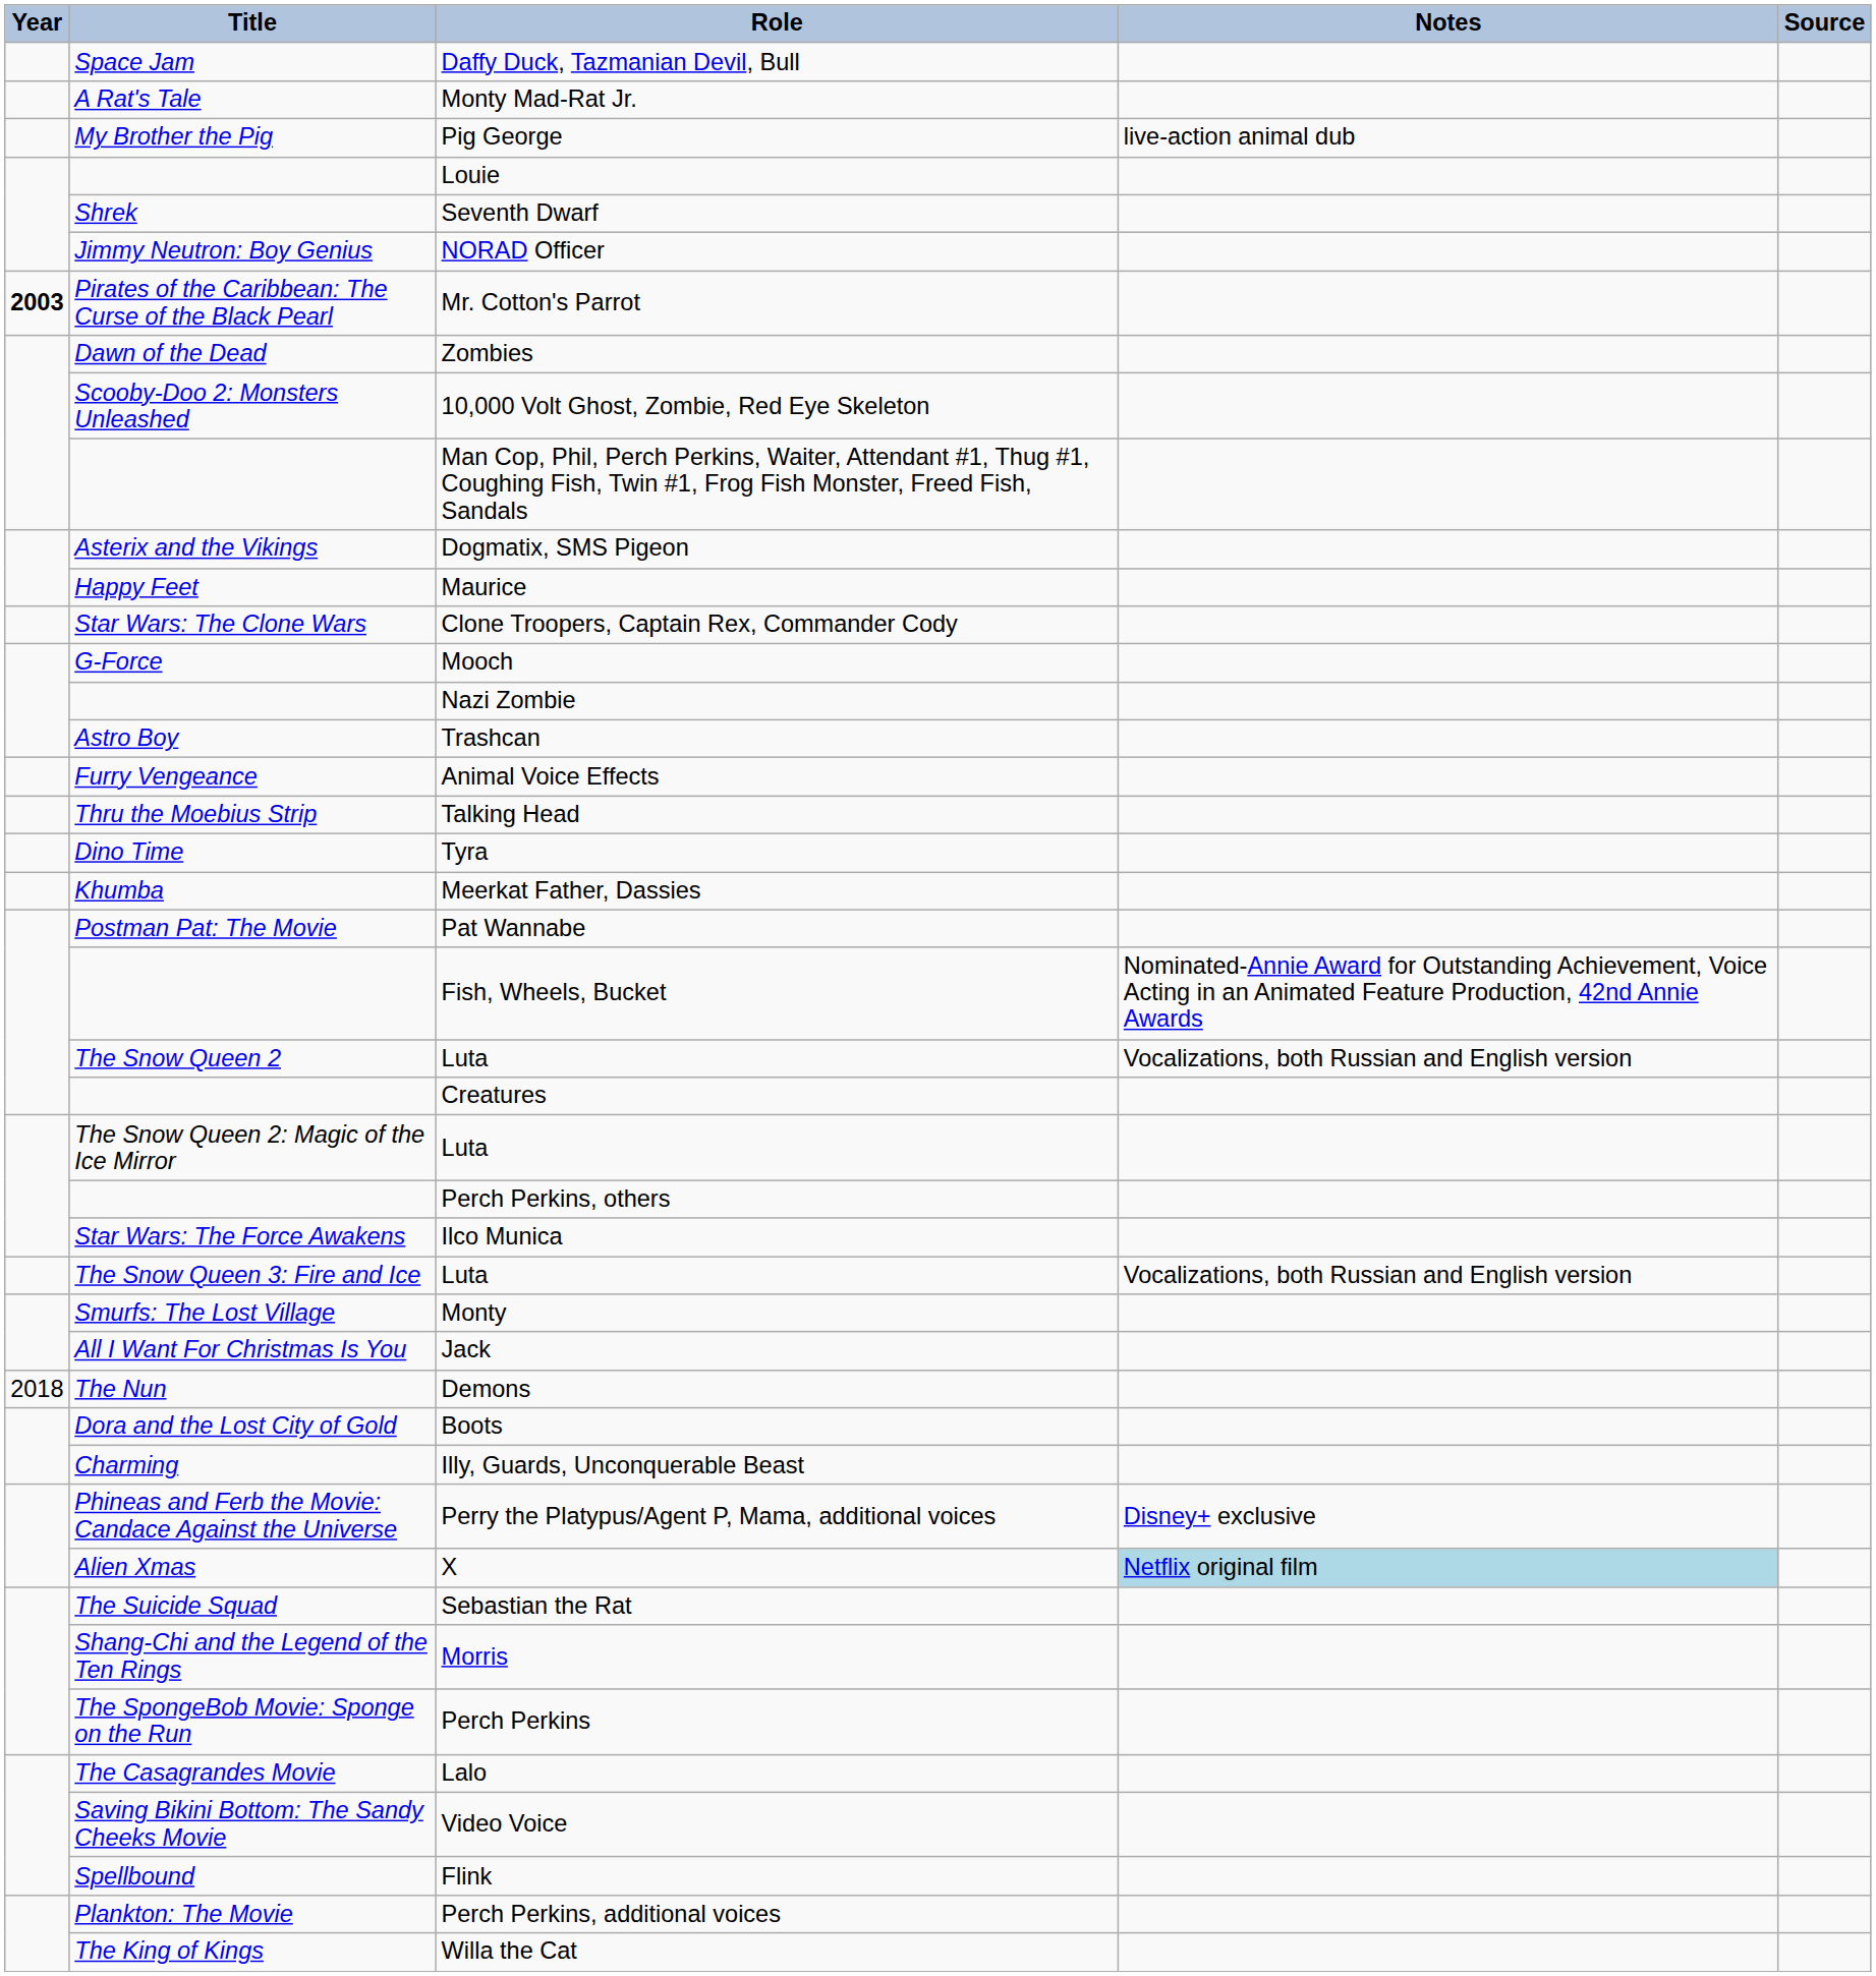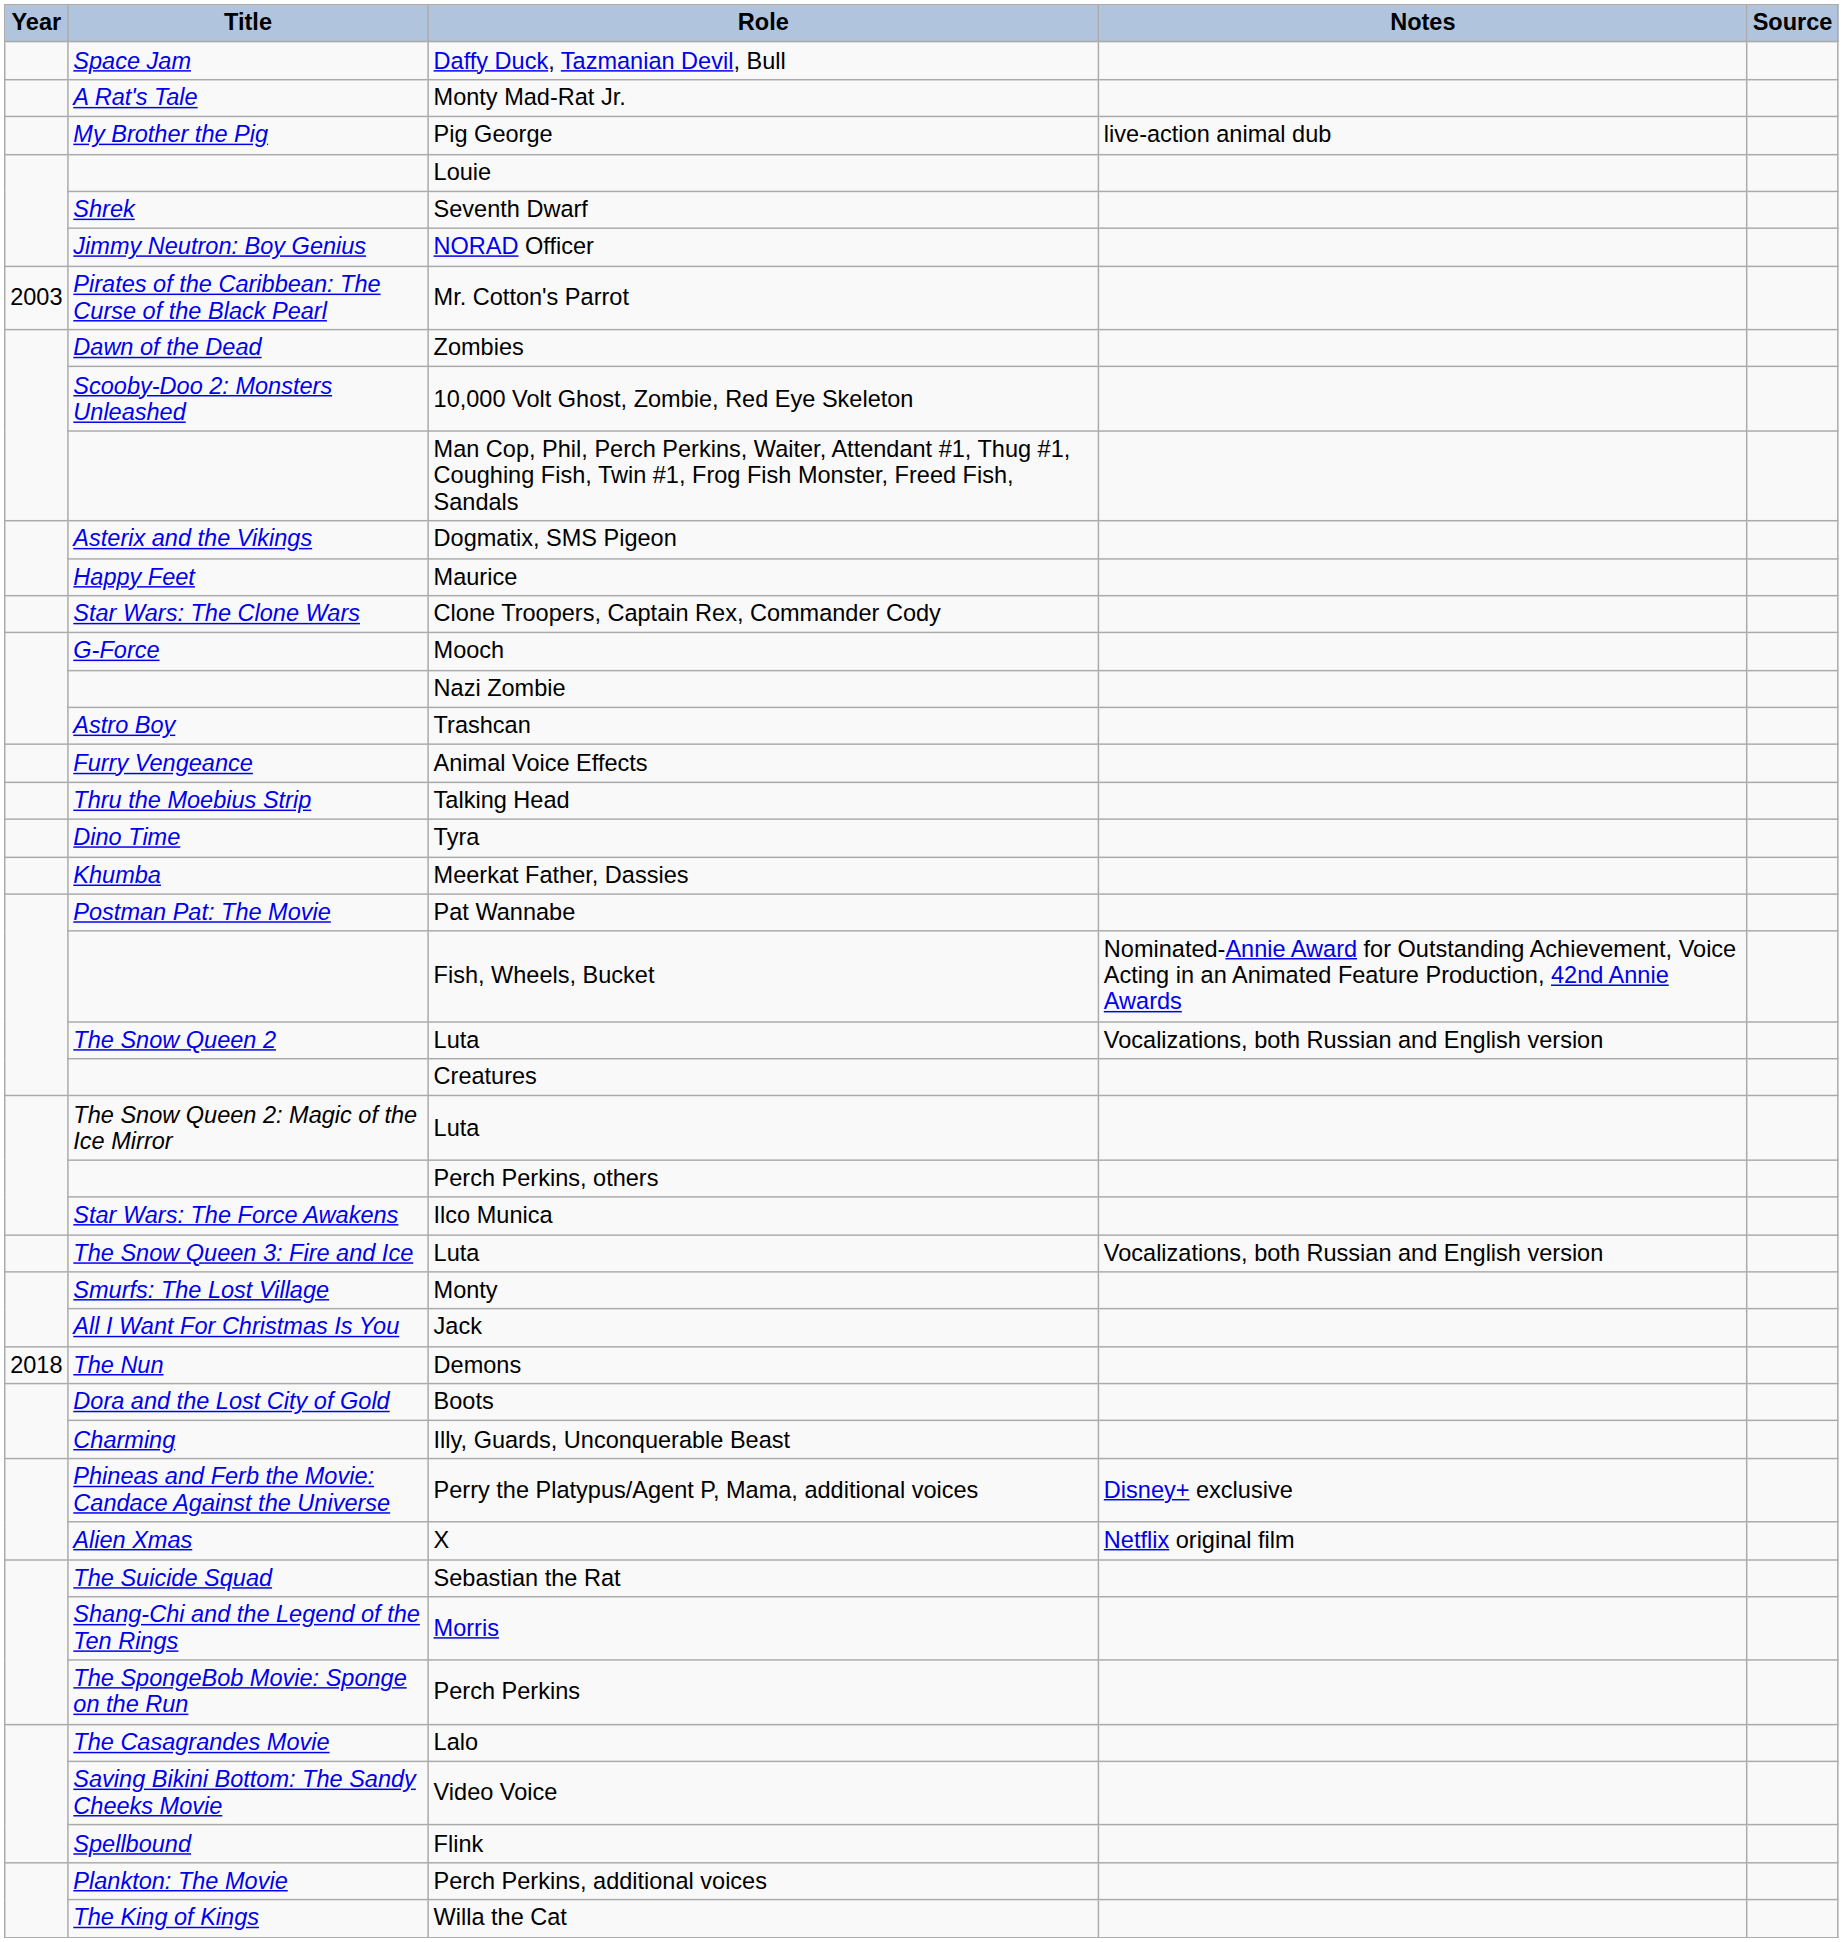 <table class="wikitable sortable plainrowheaders" style="width=95%;">
 <tr>
 <th style="background:#b0c4de;">Year </th>
 <th style="background:#b0c4de;">Title</th>
 <th style="background:#b0c4de;">Role </th>
 <th style="background:#b0c4de;" class="unsortable">Notes </th>
 <th style="background:#b0c4de;" class="unsortable">Source</th>
 </tr>
 <tr>
 <td></td>
 <td><em><a href='#'>Space Jam</a></em></td>
 <td><a href='#'>Daffy Duck</a>, <a href='#'>Tazmanian Devil</a>, Bull</td>
 <td></td>
 <td></td>
 </tr>
 <tr>
 <td></td>
 <td><em><a href='#'>A Rat's Tale</a></em></td>
 <td>Monty Mad-Rat Jr.</td>
 <td></td>
 <td></td>
 </tr>
 <tr>
 <td></td>
 <td><em><a href='#'>My Brother the Pig</a></em></td>
 <td>Pig George</td>
 <td>live-action animal dub</td>
 <td></td>
 </tr>
 <tr>
 <td rowspan="3"></td>
 <td><em></em></td>
 <td>Louie</td>
 <td> </td>
 <td></td>
 </tr>
 <tr>
 <td><em><a href='#'>Shrek</a></em></td>
 <td>Seventh Dwarf</td>
 <td></td>
 <td></td>
 </tr>
 <tr>
 <td><em><a href='#'>Jimmy Neutron: Boy Genius</a></em></td>
 <td><a href='#'>NORAD</a> Officer</td>
 <td> </td>
 <td></td>
 </tr>
 <tr>
-<td><strong>2003</strong></td>
+<td>2003</td>
 <td><em><a href='#'>Pirates of the Caribbean: The Curse of the Black Pearl</a></em></td>
 <td>Mr. Cotton's Parrot</td>
 <td></td>
 <td></td>
 </tr>
 <tr>
 <td rowspan="3"></td>
 <td><em><a href='#'>Dawn of the Dead</a></em></td>
 <td>Zombies</td>
 <td></td>
 <td></td>
 </tr>
 <tr>
 <td><em><a href='#'>Scooby-Doo 2: Monsters Unleashed</a></em></td>
 <td>10,000 Volt Ghost, Zombie, Red Eye Skeleton</td>
 <td></td>
 <td></td>
 </tr>
 <tr>
 <td><em></em></td>
 <td>Man Cop, Phil, Perch Perkins, Waiter, Attendant #1, Thug #1, Coughing Fish, Twin #1, Frog Fish Monster, Freed Fish, Sandals</td>
 <td></td>
 <td></td>
 </tr>
 <tr>
 <td rowspan="2"></td>
 <td><em><a href='#'>Asterix and the Vikings</a></em></td>
 <td>Dogmatix, SMS Pigeon</td>
 <td> </td>
 <td></td>
 </tr>
 <tr>
 <td><em><a href='#'>Happy Feet</a></em></td>
 <td>Maurice</td>
 <td> </td>
 <td></td>
 </tr>
 <tr>
 <td></td>
 <td><em><a href='#'>Star Wars: The Clone Wars</a></em></td>
 <td>Clone Troopers, Captain Rex, Commander Cody</td>
 <td> </td>
 <td></td>
 </tr>
 <tr>
 <td rowspan="3"></td>
 <td><em><a href='#'>G-Force</a></em></td>
 <td>Mooch</td>
 <td></td>
 <td></td>
 </tr>
 <tr>
 <td><em></em></td>
 <td>Nazi Zombie</td>
 <td> </td>
 <td></td>
 </tr>
 <tr>
 <td><em><a href='#'>Astro Boy</a></em></td>
 <td>Trashcan</td>
 <td> </td>
 <td></td>
 </tr>
 <tr>
 <td></td>
 <td><em><a href='#'>Furry Vengeance</a></em></td>
 <td>Animal Voice Effects</td>
 <td> </td>
 <td></td>
 </tr>
 <tr>
 <td></td>
 <td><em><a href='#'>Thru the Moebius Strip</a></em></td>
 <td>Talking Head</td>
 <td> </td>
 <td><br></td>
 </tr>
 <tr>
 <td></td>
 <td><em><a href='#'>Dino Time</a></em></td>
 <td>Tyra</td>
 <td> </td>
 <td></td>
 </tr>
 <tr>
 <td></td>
 <td><em><a href='#'>Khumba</a></em></td>
 <td>Meerkat Father, Dassies</td>
 <td> </td>
 <td></td>
 </tr>
 <tr>
 <td rowspan="4"></td>
 <td><em><a href='#'>Postman Pat: The Movie</a></em></td>
 <td>Pat Wannabe</td>
 <td> </td>
 <td></td>
 </tr>
 <tr>
 <td><em></em></td>
 <td>Fish, Wheels, Bucket</td>
 <td>Nominated-<a href='#'>Annie Award</a> for Outstanding Achievement, Voice Acting in an Animated Feature Production, <a href='#'>42nd Annie Awards</a></td>
 <td></td>
 </tr>
 <tr>
 <td><em><a href='#'>The Snow Queen 2</a></em></td>
 <td>Luta</td>
 <td>Vocalizations, both Russian and English version</td>
 <td></td>
 </tr>
 <tr>
 <td><em></em></td>
 <td>Creatures</td>
 <td> </td>
 <td></td>
 </tr>
 <tr>
 <td rowspan="3"></td>
 <td><em>The Snow Queen 2: Magic of the Ice Mirror</em></td>
 <td>Luta</td>
 <td></td>
 <td></td>
 </tr>
 <tr>
 <td><em></em></td>
 <td>Perch Perkins, others</td>
 <td> </td>
 <td></td>
 </tr>
 <tr>
 <td><em><a href='#'>Star Wars: The Force Awakens</a></em></td>
 <td>Ilco Munica</td>
 <td> </td>
 <td></td>
 </tr>
 <tr>
 <td></td>
 <td><em><a href='#'>The Snow Queen 3: Fire and Ice</a></em></td>
 <td>Luta</td>
 <td>Vocalizations, both Russian and English version</td>
 <td></td>
 </tr>
 <tr>
 <td rowspan="2"></td>
 <td><em><a href='#'>Smurfs: The Lost Village</a></em></td>
 <td>Monty</td>
 <td></td>
 <td></td>
 </tr>
 <tr>
 <td><em><a href='#'>All I Want For Christmas Is You</a></em></td>
 <td>Jack</td>
 <td></td>
 <td></td>
 </tr>
 <tr>
 <td>2018</td>
 <td><em><a href='#'>The Nun</a></em></td>
 <td>Demons</td>
 <td></td>
 <td></td>
 </tr>
 <tr>
 <td rowspan="2"></td>
 <td><em><a href='#'>Dora and the Lost City of Gold</a></em></td>
 <td>Boots</td>
 <td></td>
 <td></td>
 </tr>
 <tr>
 <td><em><a href='#'>Charming</a></em></td>
 <td>Illy, Guards, Unconquerable Beast</td>
 <td></td>
 <td></td>
 </tr>
 <tr>
 <td rowspan="2"></td>
 <td><em><a href='#'>Phineas and Ferb the Movie: Candace Against the Universe</a></em></td>
 <td>Perry the Platypus/Agent P, Mama, additional voices</td>
 <td><a href='#'>Disney+</a> exclusive</td>
 <td></td>
 </tr>
 <tr>
 <td><em><a href='#'>Alien Xmas</a></em></td>
 <td>X</td>
-<td style="background: lightblue;"><a href='#'>Netflix</a> original film</td>
+<td><a href='#'>Netflix</a> original film</td>
 <td></td>
 </tr>
 <tr>
 <td rowspan="3"></td>
 <td><em><a href='#'>The Suicide Squad</a></em></td>
 <td>Sebastian the Rat</td>
 <td></td>
 <td><br></td>
 </tr>
 <tr>
 <td><em><a href='#'>Shang-Chi and the Legend of the Ten Rings</a></em></td>
 <td><a href='#'>Morris</a></td>
 <td></td>
 <td></td>
 </tr>
 <tr>
 <td><em><a href='#'>The SpongeBob Movie: Sponge on the Run</a></em></td>
 <td>Perch Perkins</td>
 <td> </td>
 <td></td>
 </tr>
 <tr>
 <td rowspan="3"></td>
 <td><em><a href='#'>The Casagrandes Movie</a></em></td>
 <td>Lalo</td>
 <td></td>
 <td></td>
 </tr>
 <tr>
 <td><em> <a href='#'>Saving Bikini Bottom: The Sandy Cheeks Movie</a></em></td>
 <td>Video Voice</td>
 <td></td>
 <td></td>
 </tr>
 <tr>
 <td><em><a href='#'>Spellbound</a></em></td>
 <td>Flink</td>
 <td></td>
 <td></td>
 </tr>
 <tr>
 <td rowspan="2"></td>
 <td><em><a href='#'>Plankton: The Movie</a></em></td>
 <td>Perch Perkins, additional voices</td>
 <td></td>
 <td></td>
 </tr>
 <tr>
 <td><em><a href='#'>The King of Kings</a></em></td>
 <td>Willa the Cat</td>
 <td></td>
 <td></td>
 </tr>
 </table>
